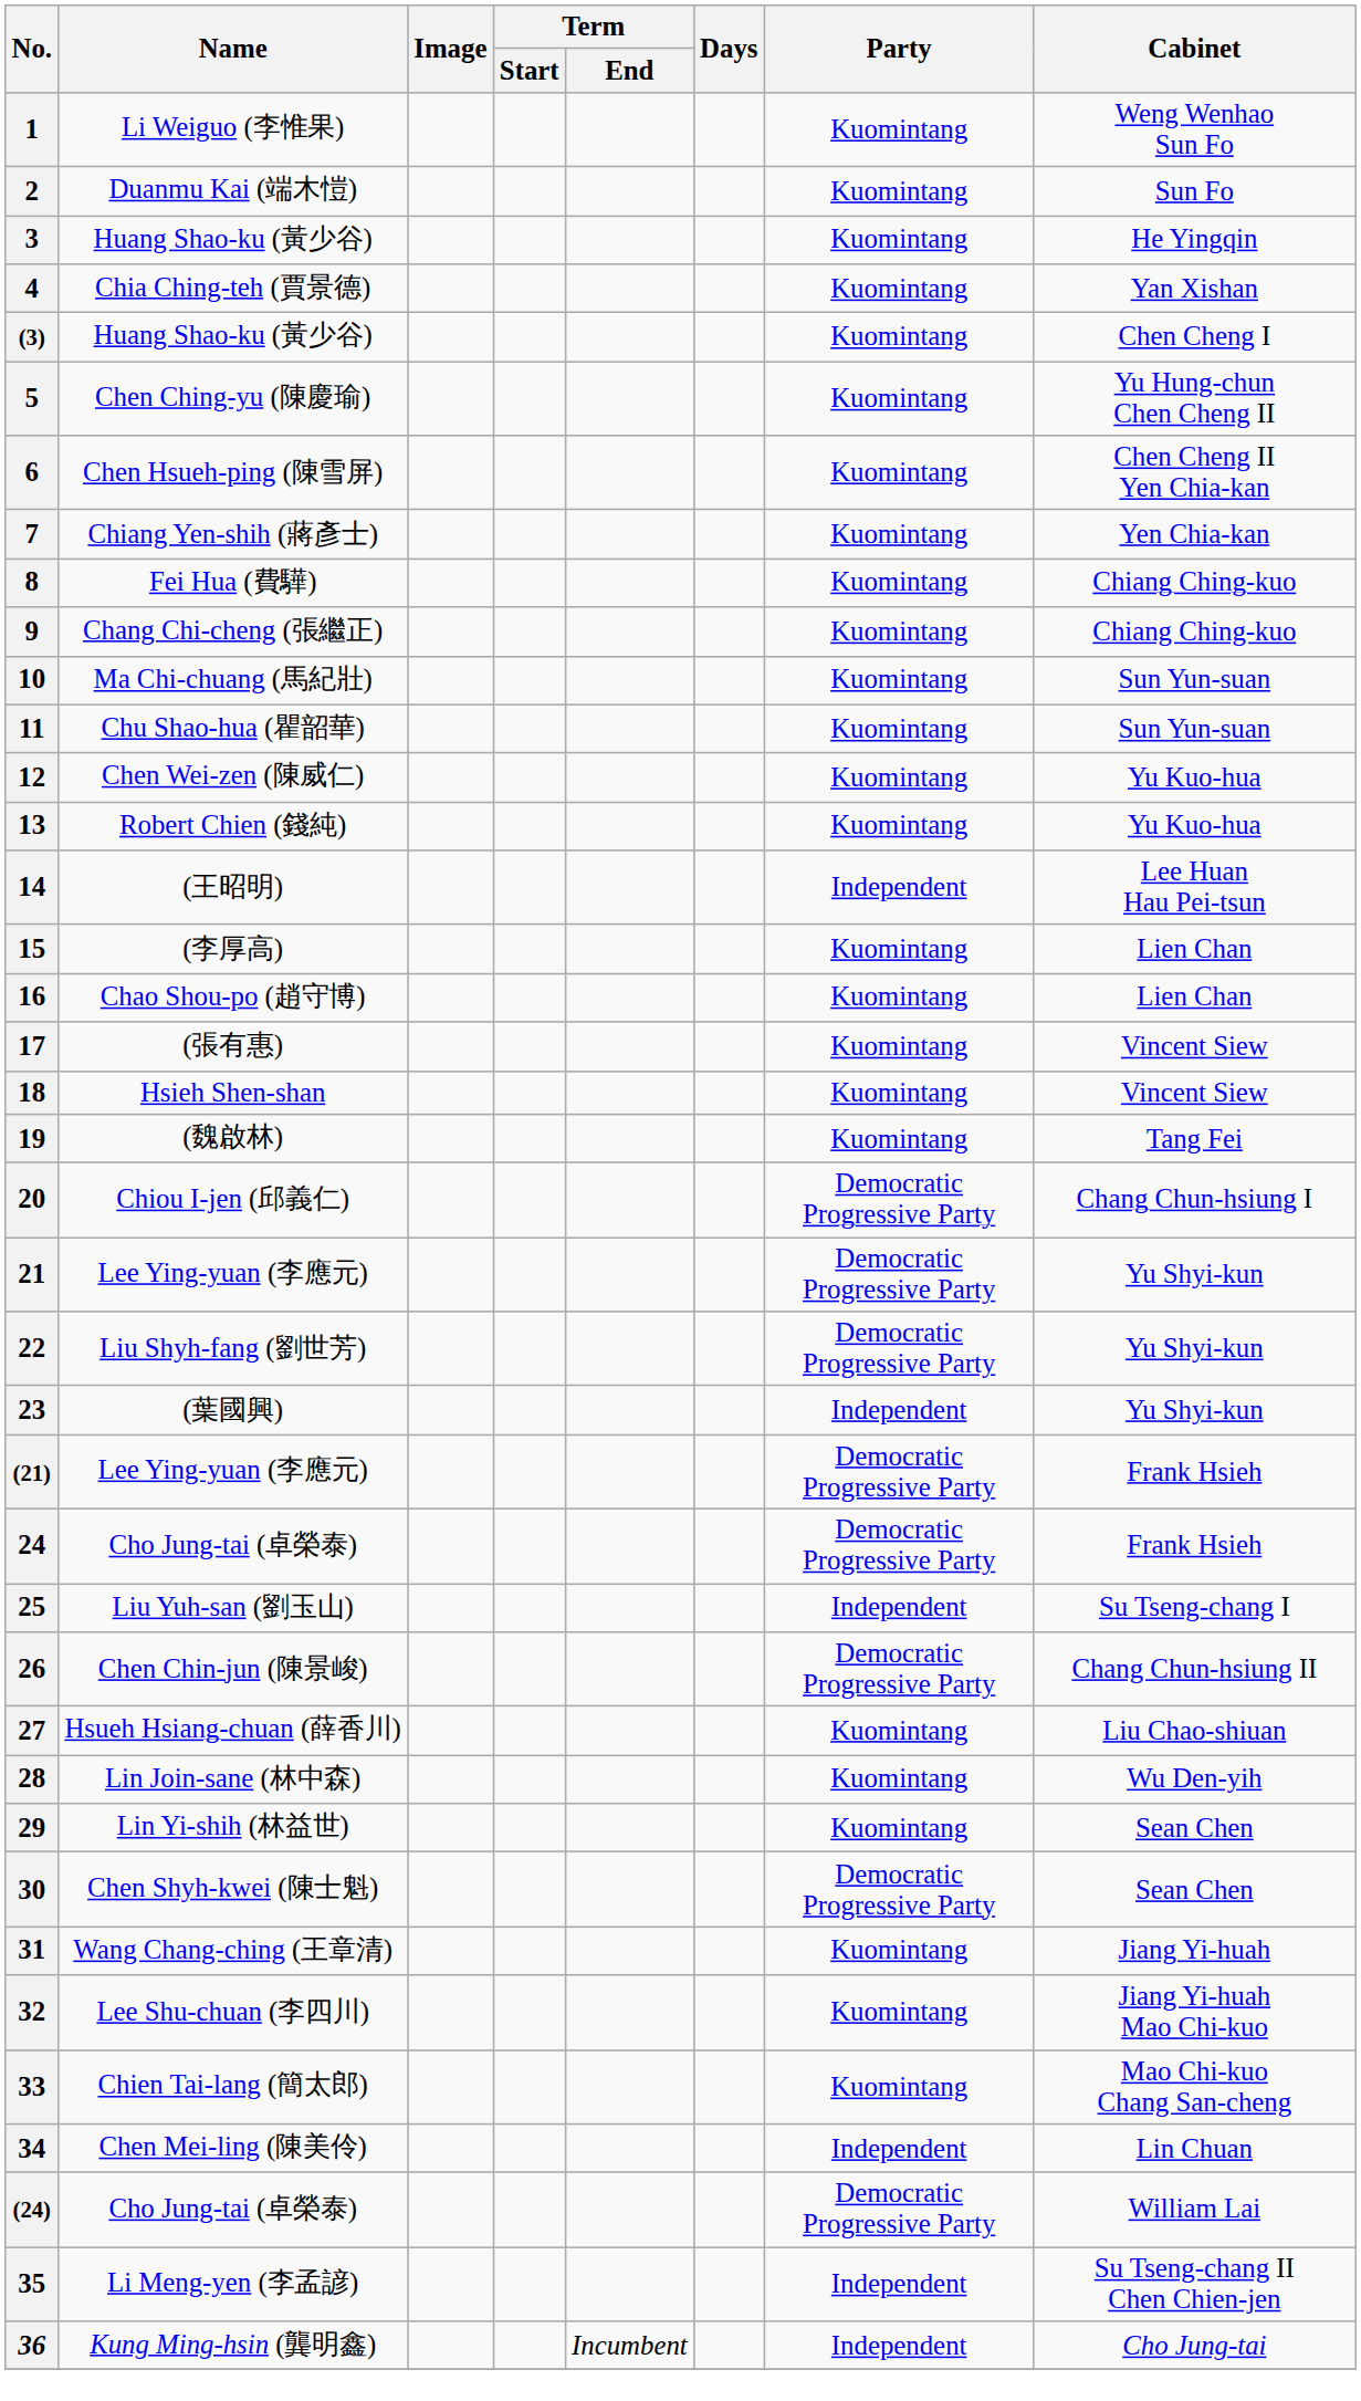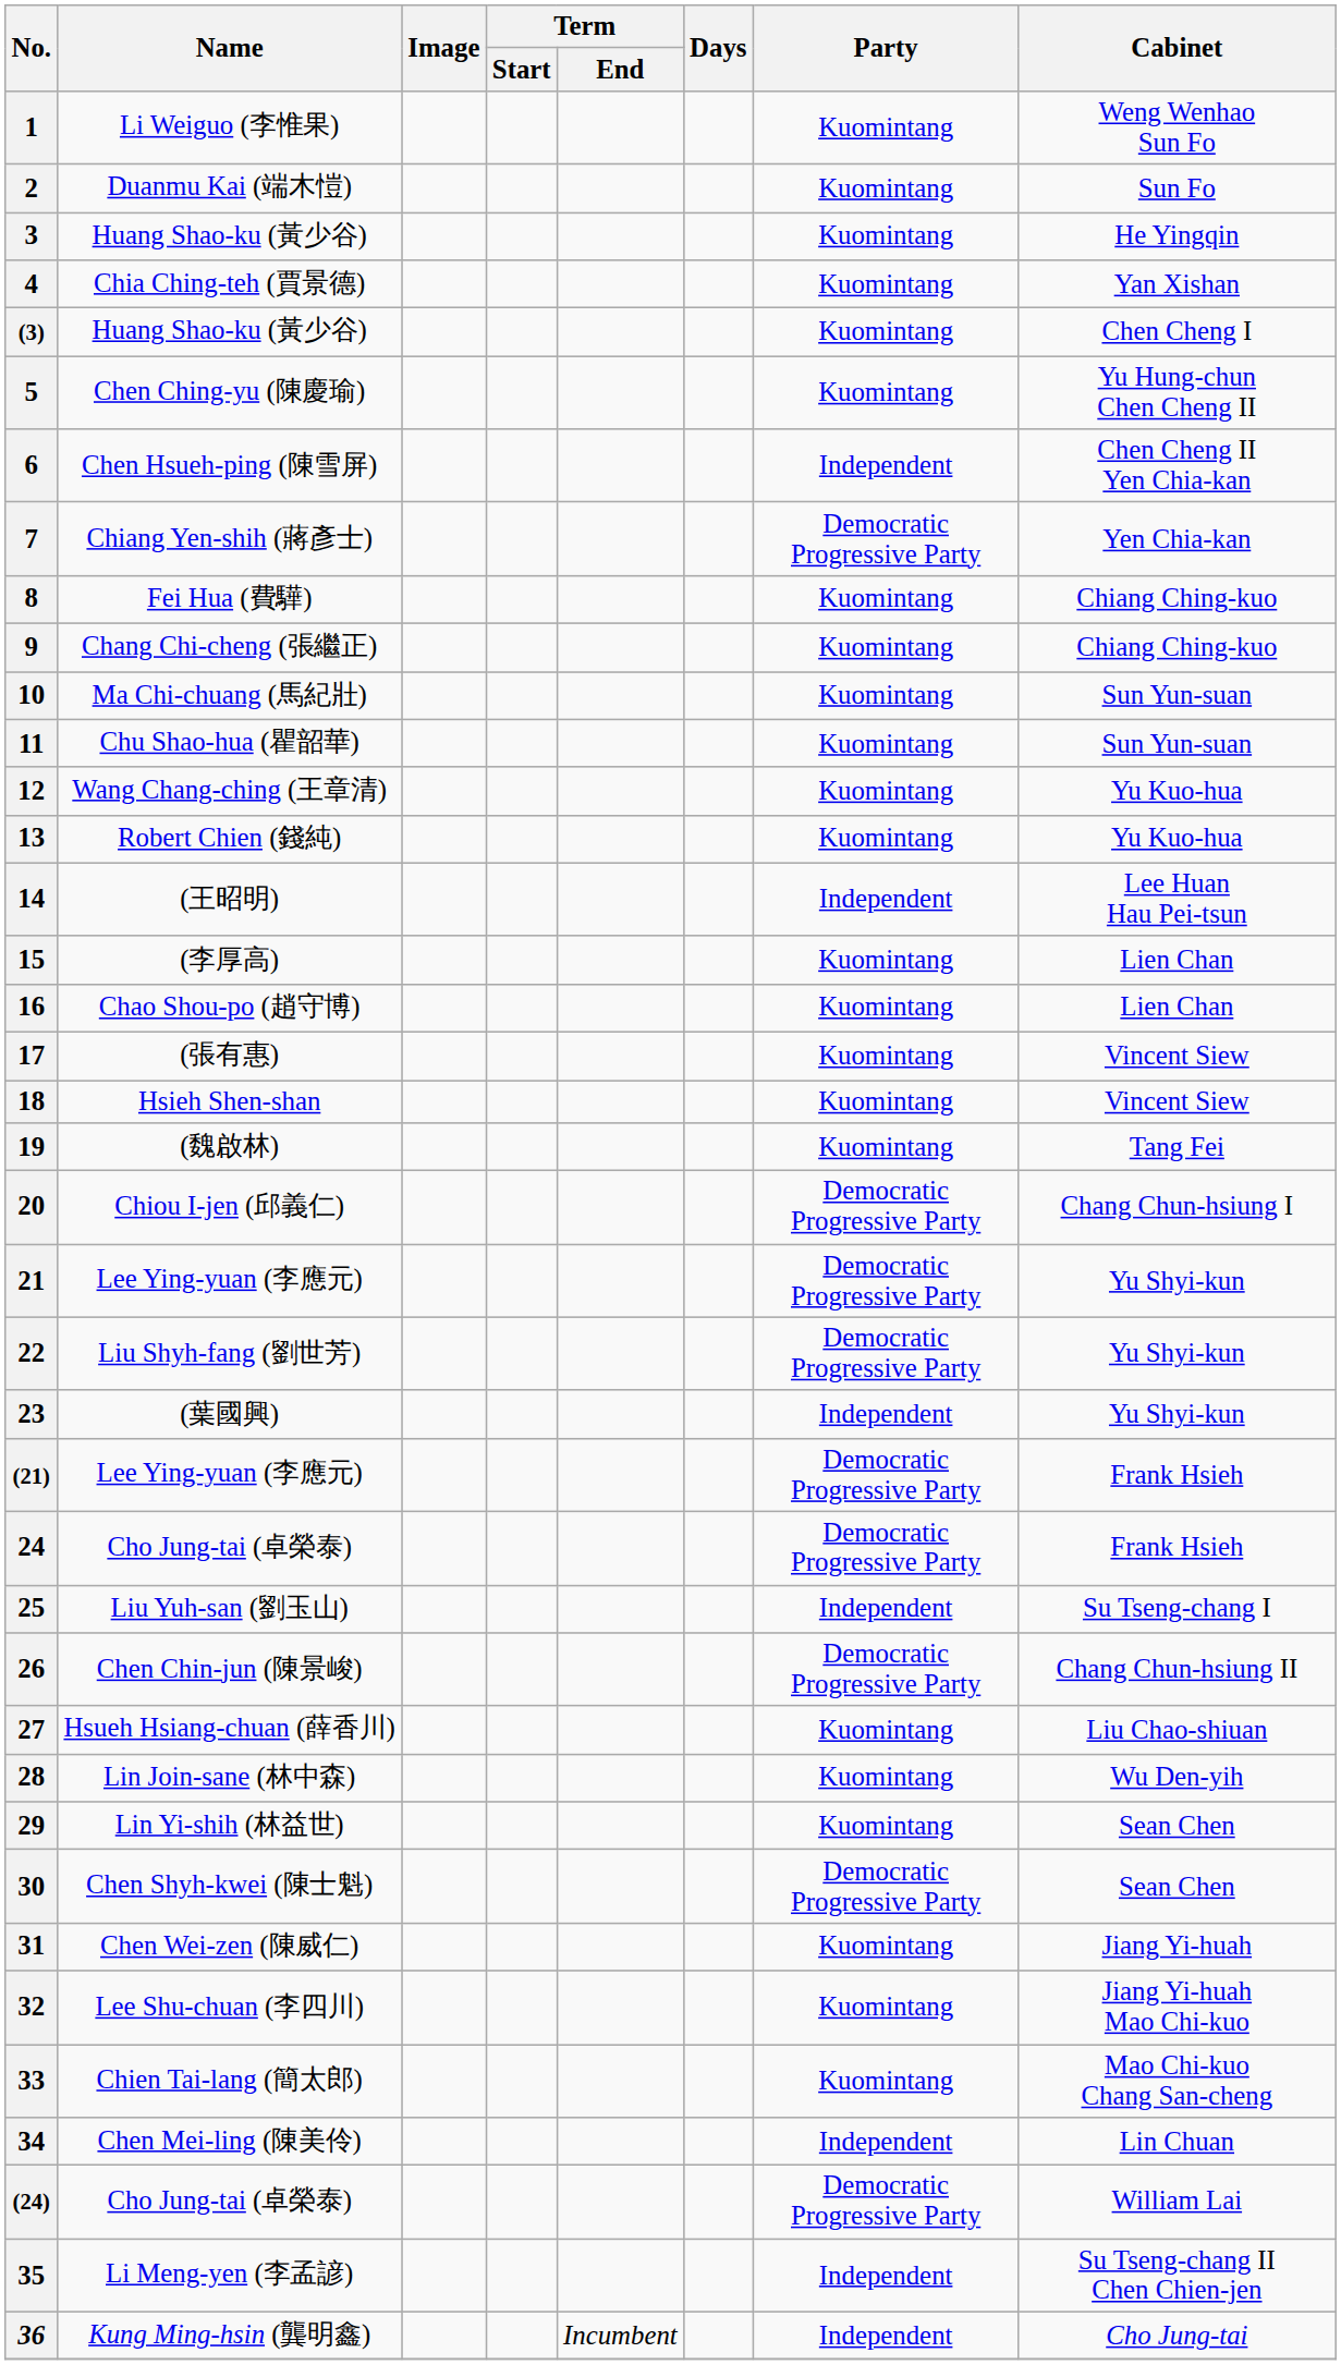 <table class="wikitable sortable" style="font-size:100%;text-align:center;">
 <tr>
 <th rowspan=2>No.</th>
 <th rowspan=2>Name</th>
 <th rowspan=2 class="unsortable">Image</th>
 <th colspan=2>Term</th>
 <th rowspan=2>Days</th>
 <th rowspan=2  width="150">Party</th>
 <th rowspan=2  width="180">Cabinet</th>
 </tr>
 <tr>
 <th>Start</th>
 <th>End</th>
 </tr>
 <tr>
 <th style="background:">1</th>
 <td><a href='#'>Li Weiguo</a> (李惟果)</td>
 <td></td>
 <td></td>
 <td></td>
 <td></td>
 <td><a href='#'>Kuomintang</a></td>
 <td><a href='#'>Weng Wenhao</a><br><a href='#'>Sun Fo</a></td>
 </tr>
 <tr>
 <th style="background:">2</th>
 <td><a href='#'>Duanmu Kai</a> (端木愷)</td>
 <td></td>
 <td></td>
 <td></td>
 <td></td>
 <td><a href='#'>Kuomintang</a></td>
 <td><a href='#'>Sun Fo</a></td>
 </tr>
 <tr>
 <th style="background:">3</th>
 <td><a href='#'>Huang Shao-ku</a> (黃少谷)</td>
 <td></td>
 <td></td>
 <td></td>
 <td></td>
 <td><a href='#'>Kuomintang</a></td>
 <td><a href='#'>He Yingqin</a></td>
 </tr>
 <tr>
 <th style="background:">4</th>
 <td><a href='#'>Chia Ching-teh</a> (賈景德)</td>
 <td></td>
 <td></td>
 <td></td>
 <td></td>
 <td><a href='#'>Kuomintang</a></td>
 <td><a href='#'>Yan Xishan</a></td>
 </tr>
 <tr>
 <th style="background:"><small>(3)</small></th>
 <td><a href='#'>Huang Shao-ku</a> (黃少谷)</td>
 <td></td>
 <td></td>
 <td></td>
 <td></td>
 <td><a href='#'>Kuomintang</a></td>
 <td><a href='#'>Chen Cheng</a> I</td>
 </tr>
 <tr>
 <th style="background:">5</th>
 <td><a href='#'>Chen Ching-yu</a> (陳慶瑜)</td>
 <td></td>
 <td></td>
 <td></td>
 <td></td>
 <td><a href='#'>Kuomintang</a></td>
 <td><a href='#'>Yu Hung-chun</a><br><a href='#'>Chen Cheng</a> II</td>
 </tr>
 <tr>
 <th style="background:">6</th>
 <td><a href='#'>Chen Hsueh-ping</a> (陳雪屏)</td>
 <td></td>
 <td></td>
 <td></td>
 <td></td>
-<td><a href='#'>Kuomintang</a></td>
+<td><a href='#'>Independent</a></td>
 <td><a href='#'>Chen Cheng</a> II<br><a href='#'>Yen Chia-kan</a></td>
 </tr>
 <tr>
 <th style="background:">7</th>
 <td><a href='#'>Chiang Yen-shih</a> (蔣彥士)</td>
 <td></td>
 <td></td>
 <td></td>
 <td></td>
-<td><a href='#'>Kuomintang</a></td>
+<td><a href='#'>Democratic Progressive Party</a></td>
 <td><a href='#'>Yen Chia-kan</a></td>
 </tr>
 <tr>
 <th style="background:">8</th>
 <td><a href='#'>Fei Hua</a> (費驊)</td>
 <td></td>
 <td></td>
 <td></td>
 <td></td>
 <td><a href='#'>Kuomintang</a></td>
 <td><a href='#'>Chiang Ching-kuo</a></td>
 </tr>
 <tr>
 <th style="background:">9</th>
 <td><a href='#'>Chang Chi-cheng</a> (張繼正)</td>
 <td></td>
 <td></td>
 <td></td>
 <td></td>
 <td><a href='#'>Kuomintang</a></td>
 <td><a href='#'>Chiang Ching-kuo</a></td>
 </tr>
 <tr>
 <th style="background:">10</th>
 <td><a href='#'>Ma Chi-chuang</a> (馬紀壯)</td>
 <td></td>
 <td></td>
 <td></td>
 <td></td>
 <td><a href='#'>Kuomintang</a></td>
 <td><a href='#'>Sun Yun-suan</a></td>
 </tr>
 <tr>
 <th style="background:">11</th>
 <td><a href='#'>Chu Shao-hua</a> (瞿韶華)</td>
 <td></td>
 <td></td>
 <td></td>
 <td></td>
 <td><a href='#'>Kuomintang</a></td>
 <td><a href='#'>Sun Yun-suan</a></td>
 </tr>
 <tr>
 <th style="background:">12</th>
-<td><a href='#'>Chen Wei-zen</a> (陳威仁)</td>
+<td><a href='#'>Wang Chang-ching</a> (王章清)</td>
 <td></td>
 <td></td>
 <td></td>
 <td></td>
 <td><a href='#'>Kuomintang</a></td>
 <td><a href='#'>Yu Kuo-hua</a></td>
 </tr>
 <tr>
 <th style="background:">13</th>
 <td><a href='#'>Robert Chien</a> (錢純)</td>
 <td></td>
 <td></td>
 <td></td>
 <td></td>
 <td><a href='#'>Kuomintang</a></td>
 <td><a href='#'>Yu Kuo-hua</a></td>
 </tr>
 <tr>
 <th style="background:">14</th>
 <td> (王昭明)</td>
 <td></td>
 <td></td>
 <td></td>
 <td></td>
 <td><a href='#'>Independent</a></td>
 <td><a href='#'>Lee Huan</a><br><a href='#'>Hau Pei-tsun</a></td>
 </tr>
 <tr>
 <th style="background:">15</th>
 <td> (李厚高)</td>
 <td></td>
 <td></td>
 <td></td>
 <td></td>
 <td><a href='#'>Kuomintang</a></td>
 <td><a href='#'>Lien Chan</a></td>
 </tr>
 <tr>
 <th style="background:">16</th>
 <td><a href='#'>Chao Shou-po</a> (趙守博)</td>
 <td></td>
 <td></td>
 <td></td>
 <td></td>
 <td><a href='#'>Kuomintang</a></td>
 <td><a href='#'>Lien Chan</a></td>
 </tr>
 <tr>
 <th style="background:">17</th>
 <td> (張有惠)</td>
 <td></td>
 <td></td>
 <td></td>
 <td></td>
 <td><a href='#'>Kuomintang</a></td>
 <td><a href='#'>Vincent Siew</a></td>
 </tr>
 <tr>
 <th style="background:">18</th>
 <td><a href='#'>Hsieh Shen-shan</a></td>
 <td></td>
 <td></td>
 <td></td>
 <td></td>
 <td><a href='#'>Kuomintang</a></td>
 <td><a href='#'>Vincent Siew</a></td>
 </tr>
 <tr>
 <th style="background:">19</th>
 <td> (魏啟林)</td>
 <td></td>
 <td></td>
 <td></td>
 <td></td>
 <td><a href='#'>Kuomintang</a></td>
 <td><a href='#'>Tang Fei</a></td>
 </tr>
 <tr>
 <th style="background:">20</th>
 <td><a href='#'>Chiou I-jen</a> (邱義仁)</td>
 <td></td>
 <td></td>
 <td></td>
 <td></td>
 <td><a href='#'>Democratic Progressive Party</a></td>
 <td><a href='#'>Chang Chun-hsiung</a> I</td>
 </tr>
 <tr>
 <th style="background:">21</th>
 <td><a href='#'>Lee Ying-yuan</a> (李應元)</td>
 <td></td>
 <td></td>
 <td></td>
 <td></td>
 <td><a href='#'>Democratic Progressive Party</a></td>
 <td><a href='#'>Yu Shyi-kun</a></td>
 </tr>
 <tr>
 <th style="background:">22</th>
 <td><a href='#'>Liu Shyh-fang</a> (劉世芳)</td>
 <td></td>
 <td></td>
 <td></td>
 <td></td>
 <td><a href='#'>Democratic Progressive Party</a></td>
 <td><a href='#'>Yu Shyi-kun</a></td>
 </tr>
 <tr>
 <th style="background:">23</th>
 <td> (葉國興)</td>
 <td></td>
 <td></td>
 <td></td>
 <td></td>
 <td><a href='#'>Independent</a></td>
 <td><a href='#'>Yu Shyi-kun</a></td>
 </tr>
 <tr>
 <th style="background:"><small>(21)</small></th>
 <td><a href='#'>Lee Ying-yuan</a> (李應元)</td>
 <td></td>
 <td></td>
 <td></td>
 <td></td>
 <td><a href='#'>Democratic Progressive Party</a></td>
 <td><a href='#'>Frank Hsieh</a></td>
 </tr>
 <tr>
 <th style="background:">24</th>
 <td><a href='#'>Cho Jung-tai</a> (卓榮泰)</td>
 <td></td>
 <td></td>
 <td></td>
 <td></td>
 <td><a href='#'>Democratic Progressive Party</a></td>
 <td><a href='#'>Frank Hsieh</a></td>
 </tr>
 <tr>
 <th style="background:">25</th>
 <td><a href='#'>Liu Yuh-san</a> (劉玉山)</td>
 <td></td>
 <td></td>
 <td></td>
 <td></td>
 <td><a href='#'>Independent</a></td>
 <td><a href='#'>Su Tseng-chang</a> I</td>
 </tr>
 <tr>
 <th style="background:">26</th>
 <td><a href='#'>Chen Chin-jun</a> (陳景峻)</td>
 <td></td>
 <td></td>
 <td></td>
 <td></td>
 <td><a href='#'>Democratic Progressive Party</a></td>
 <td><a href='#'>Chang Chun-hsiung</a> II</td>
 </tr>
 <tr>
 <th style="background:">27</th>
 <td><a href='#'>Hsueh Hsiang-chuan</a> (薛香川)</td>
 <td></td>
 <td></td>
 <td></td>
 <td></td>
 <td><a href='#'>Kuomintang</a></td>
 <td><a href='#'>Liu Chao-shiuan</a></td>
 </tr>
 <tr>
 <th style="background:">28</th>
 <td><a href='#'>Lin Join-sane</a> (林中森)</td>
 <td></td>
 <td></td>
 <td></td>
 <td></td>
 <td><a href='#'>Kuomintang</a></td>
 <td><a href='#'>Wu Den-yih</a></td>
 </tr>
 <tr>
 <th style="background:">29</th>
 <td><a href='#'>Lin Yi-shih</a> (林益世)</td>
 <td></td>
 <td></td>
 <td></td>
 <td></td>
 <td><a href='#'>Kuomintang</a></td>
 <td><a href='#'>Sean Chen</a></td>
 </tr>
 <tr>
 <th style="background:">30</th>
 <td><a href='#'>Chen Shyh-kwei</a> (陳士魁)</td>
 <td></td>
 <td></td>
 <td></td>
 <td></td>
 <td><a href='#'>Democratic Progressive Party</a></td>
 <td><a href='#'>Sean Chen</a></td>
 </tr>
 <tr>
 <th style="background:">31</th>
-<td><a href='#'>Wang Chang-ching</a> (王章清)</td>
+<td><a href='#'>Chen Wei-zen</a> (陳威仁)</td>
 <td></td>
 <td></td>
 <td></td>
 <td></td>
 <td><a href='#'>Kuomintang</a></td>
 <td><a href='#'>Jiang Yi-huah</a></td>
 </tr>
 <tr>
 <th style="background:">32</th>
 <td><a href='#'>Lee Shu-chuan</a> (李四川)</td>
 <td></td>
 <td></td>
 <td></td>
 <td></td>
 <td><a href='#'>Kuomintang</a></td>
 <td><a href='#'>Jiang Yi-huah</a><br><a href='#'>Mao Chi-kuo</a></td>
 </tr>
 <tr>
 <th style="background:">33</th>
 <td><a href='#'>Chien Tai-lang</a> (簡太郎)</td>
 <td></td>
 <td></td>
 <td></td>
 <td></td>
 <td><a href='#'>Kuomintang</a></td>
 <td><a href='#'>Mao Chi-kuo</a><br><a href='#'>Chang San-cheng</a></td>
 </tr>
 <tr>
 <th style="background:">34</th>
 <td><a href='#'>Chen Mei-ling</a> (陳美伶)</td>
 <td></td>
 <td></td>
 <td></td>
 <td></td>
 <td><a href='#'>Independent</a></td>
 <td><a href='#'>Lin Chuan</a></td>
 </tr>
 <tr>
 <th style="background:"><small>(24)</small></th>
 <td><a href='#'>Cho Jung-tai</a> (卓榮泰)</td>
 <td></td>
 <td></td>
 <td></td>
 <td></td>
 <td><a href='#'>Democratic Progressive Party</a></td>
 <td><a href='#'>William Lai</a></td>
 </tr>
 <tr>
 <th style="background:">35</th>
 <td><a href='#'>Li Meng-yen</a> (李孟諺)</td>
 <td></td>
 <td></td>
 <td></td>
 <td></td>
 <td><a href='#'>Independent</a></td>
 <td><a href='#'>Su Tseng-chang</a> II<br><a href='#'>Chen Chien-jen</a></td>
 </tr>
 <tr>
 <th style="background:"><em>36</em></th>
 <td><em><a href='#'>Kung Ming-hsin</a></em> (龔明鑫)</td>
 <td></td>
 <td></td>
 <td><em>Incumbent</em></td>
 <td></td>
 <td><a href='#'>Independent</a></td>
 <td><em><a href='#'>Cho Jung-tai</a></em></td>
 </tr>
 <tr>
 </tr>
 </table>
